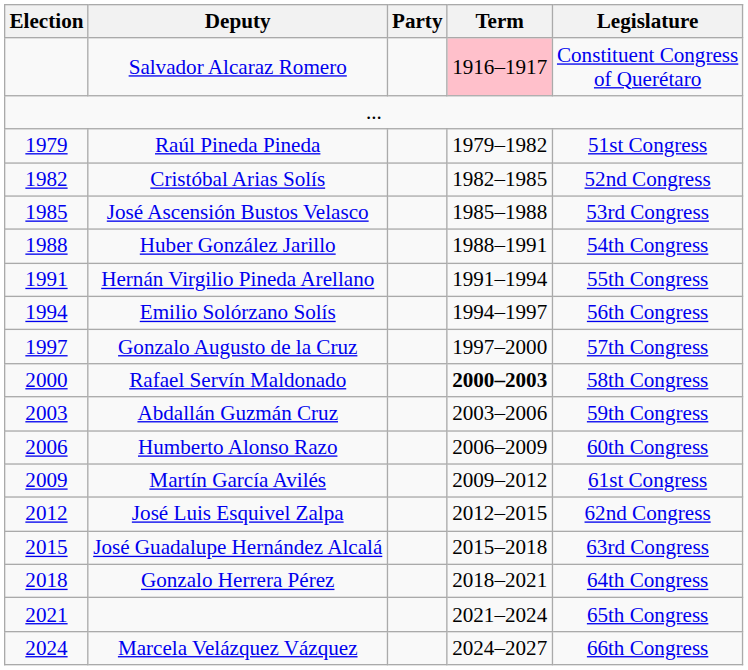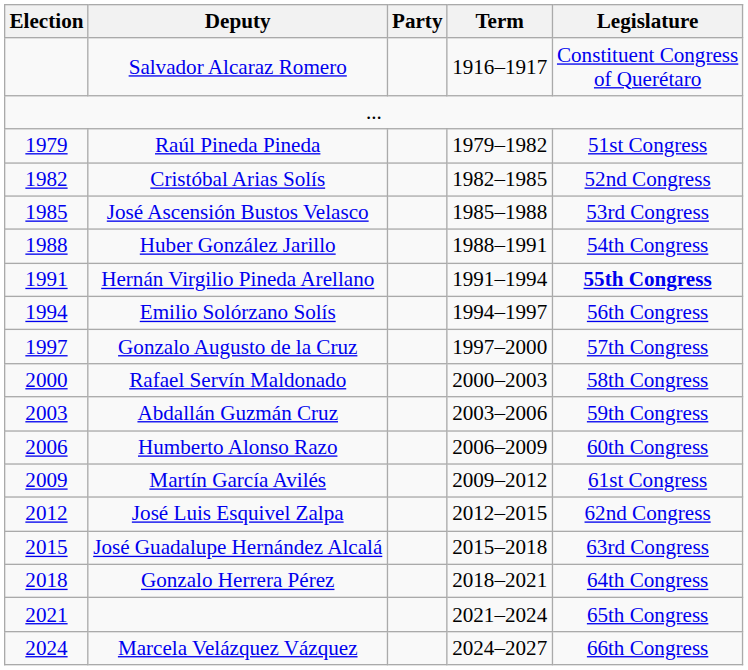 <table class="wikitable sortable" style="text-align: center">
 <tr>
 <th>Election</th>
 <th class="unsortable">Deputy</th>
 <th class="unsortable">Party</th>
 <th class="unsortable">Term</th>
 <th class="unsortable">Legislature</th>
 </tr>
 <tr>
 <td></td>
 <td><a href='#'>Salvador Alcaraz Romero</a></td>
 <td></td>
-<td style="background: pink;">1916–1917</td>
+<td>1916–1917</td>
 <td><a href='#'>Constituent Congress<br>of Querétaro</a></td>
 </tr>
 <tr>
 <td colspan=5> ...</td>
 </tr>
 <tr>
 <td><a href='#'>1979</a></td>
 <td><a href='#'>Raúl Pineda Pineda</a></td>
 <td></td>
 <td>1979–1982</td>
 <td><a href='#'>51st Congress</a></td>
 </tr>
 <tr>
 <td><a href='#'>1982</a></td>
 <td><a href='#'>Cristóbal Arias Solís</a></td>
 <td></td>
 <td>1982–1985</td>
 <td><a href='#'>52nd Congress</a></td>
 </tr>
 <tr>
 <td><a href='#'>1985</a></td>
 <td><a href='#'>José Ascensión Bustos Velasco</a></td>
 <td></td>
 <td>1985–1988</td>
 <td><a href='#'>53rd Congress</a></td>
 </tr>
 <tr>
 <td><a href='#'>1988</a></td>
 <td><a href='#'>Huber González Jarillo</a></td>
 <td></td>
 <td>1988–1991</td>
 <td><a href='#'>54th Congress</a></td>
 </tr>
 <tr>
 <td><a href='#'>1991</a></td>
 <td><a href='#'>Hernán Virgilio Pineda Arellano</a></td>
 <td></td>
 <td>1991–1994</td>
-<td><a href='#'>55th Congress</a></td>
+<td><strong><a href='#'>55th Congress</a></strong></td>
 </tr>
 <tr>
 <td><a href='#'>1994</a></td>
 <td><a href='#'>Emilio Solórzano Solís</a></td>
 <td></td>
 <td>1994–1997</td>
 <td><a href='#'>56th Congress</a></td>
 </tr>
 <tr>
 <td><a href='#'>1997</a></td>
 <td><a href='#'>Gonzalo Augusto de la Cruz</a></td>
 <td></td>
 <td>1997–2000</td>
 <td><a href='#'>57th Congress</a></td>
 </tr>
 <tr>
 <td><a href='#'>2000</a></td>
 <td><a href='#'>Rafael Servín Maldonado</a></td>
 <td></td>
-<td><strong>2000–2003</strong></td>
+<td>2000–2003</td>
 <td><a href='#'>58th Congress</a></td>
 </tr>
 <tr>
 <td><a href='#'>2003</a></td>
 <td><a href='#'>Abdallán Guzmán Cruz</a></td>
 <td></td>
 <td>2003–2006</td>
 <td><a href='#'>59th Congress</a></td>
 </tr>
 <tr>
 <td><a href='#'>2006</a></td>
 <td><a href='#'>Humberto Alonso Razo</a></td>
 <td></td>
 <td>2006–2009</td>
 <td><a href='#'>60th Congress</a></td>
 </tr>
 <tr>
 <td><a href='#'>2009</a></td>
 <td><a href='#'>Martín García Avilés</a></td>
 <td></td>
 <td>2009–2012</td>
 <td><a href='#'>61st Congress</a></td>
 </tr>
 <tr>
 <td><a href='#'>2012</a></td>
 <td><a href='#'>José Luis Esquivel Zalpa</a></td>
 <td></td>
 <td>2012–2015</td>
 <td><a href='#'>62nd Congress</a></td>
 </tr>
 <tr>
 <td><a href='#'>2015</a></td>
 <td><a href='#'>José Guadalupe Hernández Alcalá</a></td>
 <td></td>
 <td>2015–2018</td>
 <td><a href='#'>63rd Congress</a></td>
 </tr>
 <tr>
 <td><a href='#'>2018</a></td>
 <td><a href='#'>Gonzalo Herrera Pérez</a></td>
 <td></td>
 <td>2018–2021</td>
 <td><a href='#'>64th Congress</a></td>
 </tr>
 <tr>
 <td><a href='#'>2021</a></td>
 <td></td>
 <td></td>
 <td>2021–2024</td>
 <td><a href='#'>65th Congress</a></td>
 </tr>
 <tr>
 <td><a href='#'>2024</a></td>
 <td><a href='#'>Marcela Velázquez Vázquez</a></td>
 <td></td>
 <td>2024–2027</td>
 <td><a href='#'>66th Congress</a></td>
 </tr>
 </table>
